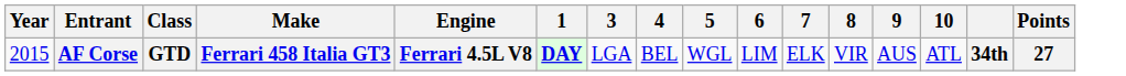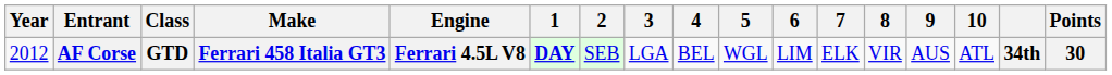 <table class="wikitable" style="text-align:center; font-size:90%">
 <tr>
 <th>Year</th>
 <th>Entrant</th>
 <th>Class</th>
 <th>Make</th>
 <th>Engine</th>
 <th>1</th>
+<th>2</th>
 <th>3</th>
 <th>4</th>
 <th>5</th>
 <th>6</th>
 <th>7</th>
 <th>8</th>
 <th>9</th>
 <th>10</th>
 <th></th>
 <th>Points</th>
 </tr>
 <tr>
-<td><a href='#'>2015</a></td>
+<td><a href='#'>2012</a></td>
 <th><a href='#'>AF Corse</a></th>
 <th>GTD</th>
 <th><a href='#'>Ferrari 458 Italia GT3</a></th>
 <th><a href='#'>Ferrari</a> 4.5L V8</th>
 <td style="background:#dfffdf;"><strong><a href='#'>DAY</a><br></strong></td>
+<td style="background:#dfffdf;"><a href='#'>SEB</a><br></td>
 <td style="background:#;”"><a href='#'>LGA</a></td>
 <td style="background:#;"><a href='#'>BEL</a></td>
 <td style="background:#;"><a href='#'>WGL</a></td>
 <td style="background:#;"><a href='#'>LIM</a></td>
 <td style="background:#;"><a href='#'>ELK</a></td>
 <td style="background:#;"><a href='#'>VIR</a></td>
 <td style="background:#;"><a href='#'>AUS</a></td>
 <td style="background:#;"><a href='#'>ATL</a></td>
 <th>34th</th>
-<th>27</th>
+<th>30</th>
 </tr>
 </table>
